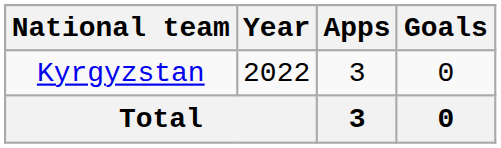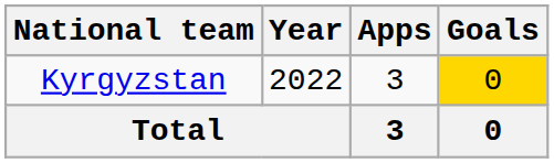 <table class="wikitable" style="text-align:center">
 <tr>
 <th>National team</th>
 <th>Year</th>
 <th>Apps</th>
 <th>Goals</th>
 </tr>
 <tr>
 <td rowspan="1"><a href='#'>Kyrgyzstan</a></td>
 <td>2022</td>
 <td>3</td>
-<td>0</td>
+<td style="background: gold;">0</td>
 </tr>
 <tr>
 <th colspan=2>Total</th>
 <th>3</th>
 <th>0</th>
 </tr>
 </table>
